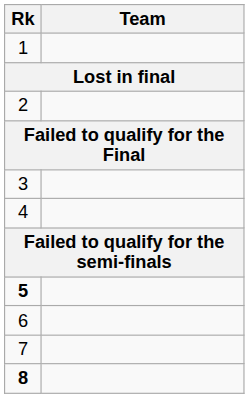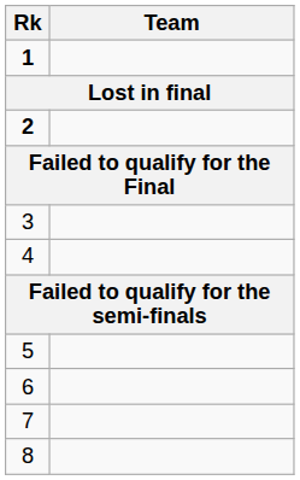 <table class=wikitable style=text-align:center>
 <tr>
 <th width=25>Rk</th>
 <th width=170>Team</th>
 </tr>
 <tr>
-<td>1</td>
+<td><strong>1</strong></td>
 <td align=left></td>
 </tr>
 <tr>
 <th colspan="6">Lost in final</th>
 </tr>
 <tr>
-<td>2</td>
+<td><strong>2</strong></td>
 <td align=left></td>
 </tr>
 <tr>
 <th colspan="6">Failed to qualify for the Final</th>
 </tr>
 <tr>
 <td>3</td>
 <td align=left></td>
 </tr>
 <tr>
 <td>4</td>
 <td align=left></td>
 </tr>
 <tr>
 <th colspan="6">Failed to qualify for the semi-finals</th>
 </tr>
 <tr>
-<td><strong>5</strong></td>
+<td>5</td>
 <td align=left></td>
 </tr>
 <tr>
 <td>6</td>
 <td align=left></td>
 </tr>
 <tr>
 <td>7</td>
 <td align=left></td>
 </tr>
 <tr>
-<td><strong>8</strong></td>
+<td>8</td>
 <td align=left></td>
 </tr>
 </table>
